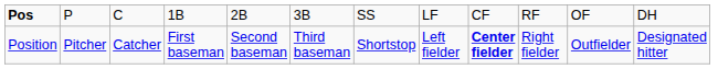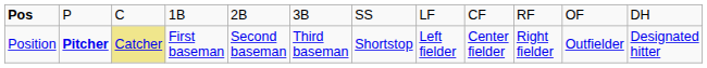 <table class="wikitable">
 <tr>
 <td width="50"><strong>Pos</strong></td>
 <td width="50">P</td>
 <td width="50">C</td>
 <td width="50">1B</td>
 <td width="50">2B</td>
 <td width="50">3B</td>
 <td width="50">SS</td>
 <td width="50">LF</td>
 <td width="50">CF</td>
 <td width="50">RF</td>
 <td width="50">OF</td>
 <td width="50">DH</td>
 </tr>
 <tr>
 <td><a href='#'>Position</a></td>
-<td><a href='#'>Pitcher</a></td>
-<td><a href='#'>Catcher</a></td>
+<td><strong><a href='#'>Pitcher</a></strong></td>
+<td style="background: khaki;"><a href='#'>Catcher</a></td>
 <td><a href='#'>First baseman</a></td>
 <td><a href='#'>Second baseman</a></td>
 <td><a href='#'>Third baseman</a></td>
 <td><a href='#'>Shortstop</a></td>
 <td><a href='#'>Left fielder</a></td>
-<td><strong><a href='#'>Center fielder</a></strong></td>
+<td><a href='#'>Center fielder</a></td>
 <td><a href='#'>Right fielder</a></td>
 <td><a href='#'>Outfielder</a></td>
 <td><a href='#'>Designated hitter</a></td>
 </tr>
 </table>
